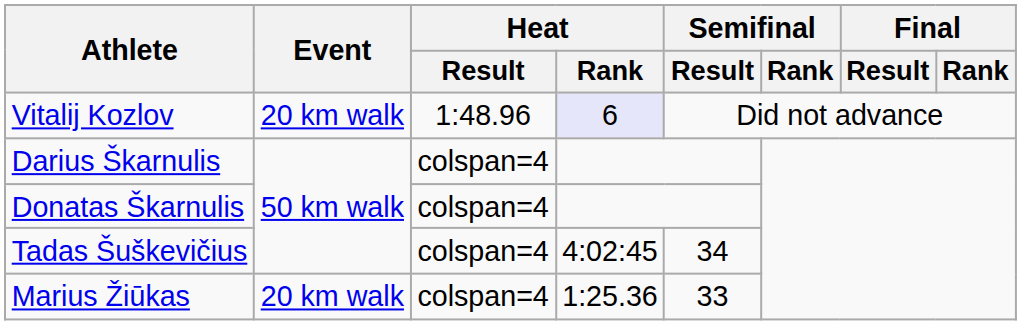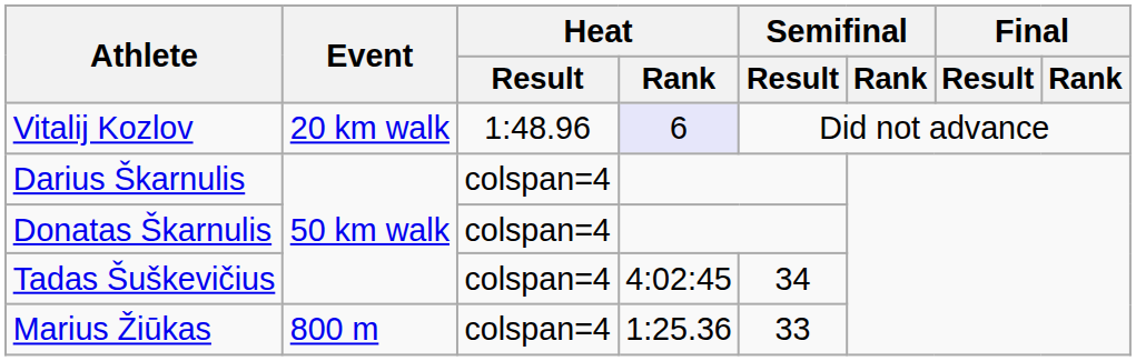 <table class=wikitable style="font-size:90%">
 <tr>
 <th rowspan="2">Athlete</th>
 <th rowspan="2">Event</th>
 <th colspan="2">Heat</th>
 <th colspan="2">Semifinal</th>
 <th colspan="2">Final</th>
 </tr>
 <tr style="font-size:95%">
 <th>Result</th>
 <th>Rank</th>
 <th>Result</th>
 <th>Rank</th>
 <th>Result</th>
 <th>Rank</th>
 </tr>
 <tr align=center>
 <td align=left><a href='#'>Vitalij Kozlov</a></td>
 <td align=left><a href='#'>20 km walk</a></td>
 <td>1:48.96</td>
 <td style="background: lavender;">6</td>
 <td colspan=4>Did not advance</td>
 </tr>
 <tr align=center>
 <td align=left><a href='#'>Darius Škarnulis</a></td>
 <td align=left rowspan=3><a href='#'>50 km walk</a></td>
 <td>colspan=4 </td>
 <td colspan=2></td>
 </tr>
 <tr align=center>
 <td align=left><a href='#'>Donatas Škarnulis</a></td>
 <td>colspan=4 </td>
 <td colspan=2></td>
 </tr>
 <tr align=center>
 <td align=left><a href='#'>Tadas Šuškevičius</a></td>
 <td>colspan=4 </td>
 <td>4:02:45</td>
 <td>34</td>
 </tr>
 <tr align=center>
 <td align=left><a href='#'>Marius Žiūkas</a></td>
-<td align=left><a href='#'>20 km walk</a></td>
+<td align=left><a href='#'>800 m</a></td>
 <td>colspan=4 </td>
 <td>1:25.36</td>
 <td>33</td>
 </tr>
 </table>
